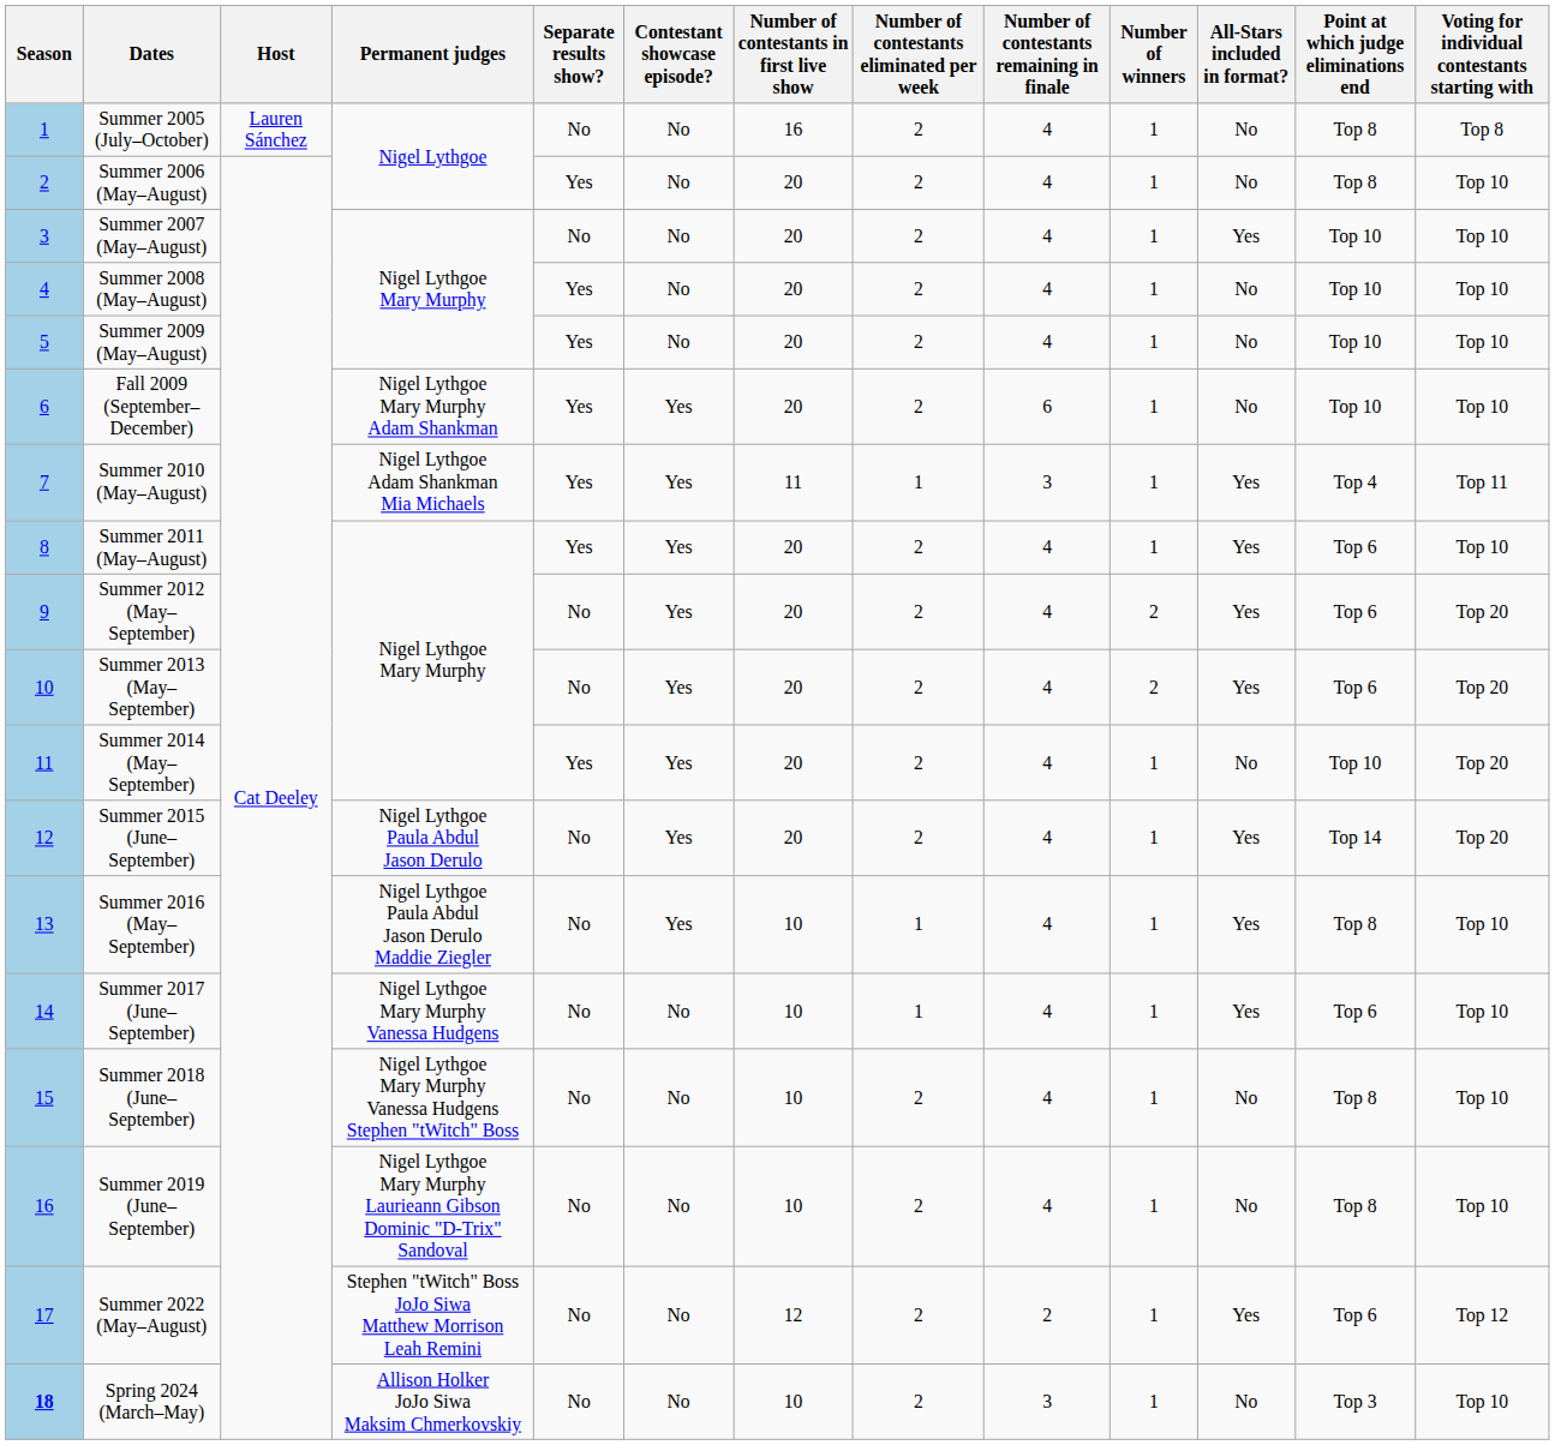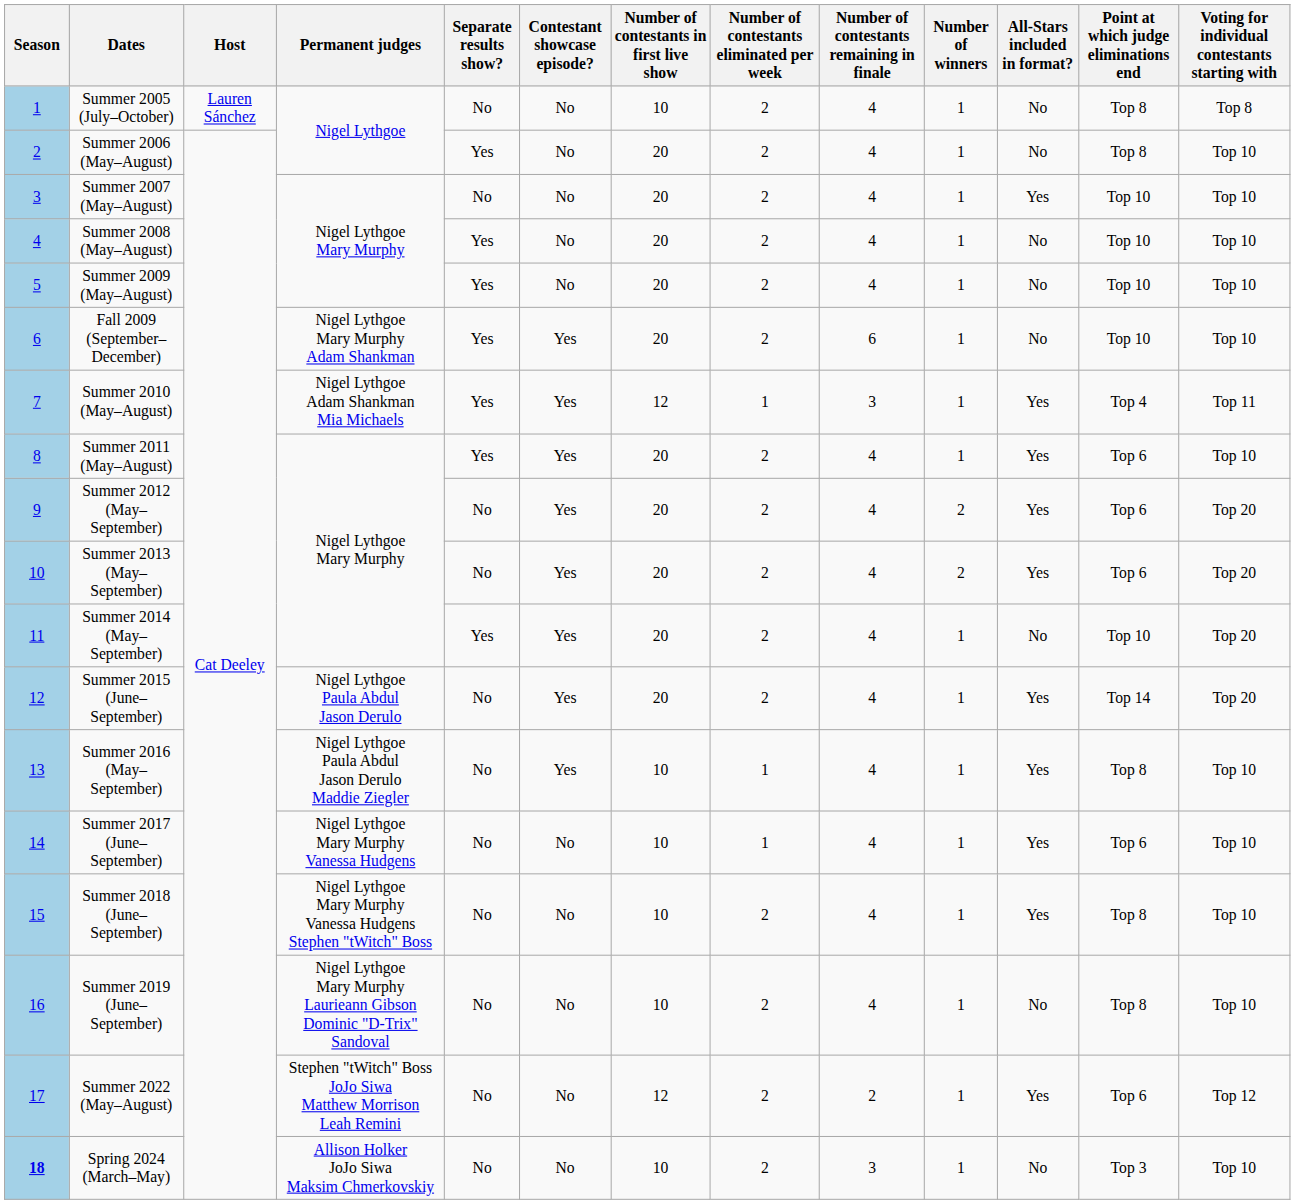 <table class="wikitable border-collapse:collapse;" style="text-align:center; font-size:95%;">
 <tr style="background:#ccc;">
 <th scope="col" style="width:75px;">Season</th>
 <th scope="col" style="width:150px;">Dates</th>
 <th scope="col" style="width:140px;">Host</th>
 <th scope="col" style="width:275px;">Permanent judges</th>
 <th scope="col" style="width:80px;">Separate results show?</th>
 <th scope="col" style="width:100px;">Contestant showcase episode?</th>
 <th scope="col" style="width:120px;">Number of contestants in first live show</th>
 <th scope="col" style="width:145px;">Number of contestants eliminated per week</th>
 <th scope="col" style="width:135px;">Number of contestants remaining in finale</th>
 <th scope="col" style="width:80px;">Number of winners</th>
 <th scope="col" style="width:100px;">All-Stars included <br>in format?</th>
 <th scope="col" style="width:110px;">Point at which judge eliminations end</th>
 <th scope="col" style="width:150px;">Voting for individual contestants starting with</th>
 </tr>
 <tr>
 <td style="background:#A3D1E7;"><a href='#'>1</a></td>
 <td>Summer 2005 <br> (July–October)</td>
 <td><a href='#'>Lauren Sánchez</a></td>
 <td rowspan=2><a href='#'>Nigel Lythgoe</a></td>
 <td>No</td>
 <td>No</td>
-<td>16</td>
+<td>10</td>
 <td>2</td>
 <td>4</td>
 <td>1</td>
 <td>No</td>
 <td>Top 8</td>
 <td>Top 8</td>
 </tr>
 <tr>
 <td style="background:#A3D1E7;"><a href='#'>2</a></td>
 <td>Summer 2006 <br> (May–August)</td>
 <td rowspan=17><a href='#'>Cat Deeley</a></td>
 <td>Yes</td>
 <td>No</td>
 <td>20</td>
 <td>2</td>
 <td>4</td>
 <td>1</td>
 <td>No</td>
 <td>Top 8</td>
 <td>Top 10</td>
 </tr>
 <tr>
 <td style="background:#A3D1E7;"><a href='#'>3</a></td>
 <td>Summer 2007 <br> (May–August)</td>
 <td rowspan=3>Nigel Lythgoe <br> <a href='#'>Mary Murphy</a></td>
 <td>No</td>
 <td>No</td>
 <td>20</td>
 <td>2</td>
 <td>4</td>
 <td>1</td>
 <td>Yes</td>
 <td>Top 10</td>
 <td>Top 10</td>
 </tr>
 <tr>
 <td style="background:#A3D1E7;"><a href='#'>4</a></td>
 <td>Summer 2008 <br> (May–August)</td>
 <td>Yes</td>
 <td>No</td>
 <td>20</td>
 <td>2</td>
 <td>4</td>
 <td>1</td>
 <td>No</td>
 <td>Top 10</td>
 <td>Top 10</td>
 </tr>
 <tr>
 <td style="background:#A3D1E7;"><a href='#'>5</a></td>
 <td>Summer 2009 <br> (May–August)</td>
 <td>Yes</td>
 <td>No</td>
 <td>20</td>
 <td>2</td>
 <td>4</td>
 <td>1</td>
 <td>No</td>
 <td>Top 10</td>
 <td>Top 10</td>
 </tr>
 <tr>
 <td style="background:#A3D1E7;"><a href='#'>6</a></td>
 <td>Fall 2009 <br> (September–December)</td>
 <td>Nigel Lythgoe <br> Mary Murphy <br> <a href='#'>Adam Shankman</a></td>
 <td>Yes</td>
 <td>Yes</td>
 <td>20</td>
 <td>2</td>
 <td>6</td>
 <td>1</td>
 <td>No</td>
 <td>Top 10</td>
 <td>Top 10</td>
 </tr>
 <tr>
 <td style="background:#A3D1E7;"><a href='#'>7</a></td>
 <td>Summer 2010 <br> (May–August)</td>
 <td>Nigel Lythgoe <br> Adam Shankman <br> <a href='#'>Mia Michaels</a></td>
 <td>Yes</td>
 <td>Yes</td>
-<td>11</td>
+<td>12</td>
 <td>1</td>
 <td>3</td>
 <td>1</td>
 <td>Yes</td>
 <td>Top 4</td>
 <td>Top 11</td>
 </tr>
 <tr>
 <td style="background:#A3D1E7;"><a href='#'>8</a></td>
 <td>Summer 2011 <br> (May–August)</td>
 <td rowspan=4>Nigel Lythgoe <br> Mary Murphy</td>
 <td>Yes</td>
 <td>Yes</td>
 <td>20</td>
 <td>2</td>
 <td>4</td>
 <td>1</td>
 <td>Yes</td>
 <td>Top 6</td>
 <td>Top 10</td>
 </tr>
 <tr>
 <td style="background:#A3D1E7;"><a href='#'>9</a></td>
 <td>Summer 2012 <br> (May–September)</td>
 <td>No</td>
 <td>Yes</td>
 <td>20</td>
 <td>2</td>
 <td>4</td>
 <td>2</td>
 <td>Yes</td>
 <td>Top 6</td>
 <td>Top 20</td>
 </tr>
 <tr>
 <td style="background:#A3D1E7;"><a href='#'>10</a></td>
 <td>Summer 2013 <br> (May–September)</td>
 <td>No</td>
 <td>Yes</td>
 <td>20</td>
 <td>2</td>
 <td>4</td>
 <td>2</td>
 <td>Yes</td>
 <td>Top 6</td>
 <td>Top 20</td>
 </tr>
 <tr>
 <td style="background:#A3D1E7;"><a href='#'>11</a></td>
 <td>Summer 2014 <br> (May–September)</td>
 <td>Yes</td>
 <td>Yes</td>
 <td>20</td>
 <td>2</td>
 <td>4</td>
 <td>1</td>
 <td>No</td>
 <td>Top 10</td>
 <td>Top 20</td>
 </tr>
 <tr>
 <td style="background:#A3D1E7;"><a href='#'>12</a></td>
 <td>Summer 2015 <br> (June–September)</td>
 <td>Nigel Lythgoe <br> <a href='#'>Paula Abdul</a> <br> <a href='#'>Jason Derulo</a></td>
 <td>No</td>
 <td>Yes</td>
 <td>20</td>
 <td>2</td>
 <td>4</td>
 <td>1</td>
 <td>Yes</td>
 <td>Top 14</td>
 <td>Top 20</td>
 </tr>
 <tr>
 <td style="background:#A3D1E7;"><a href='#'>13</a></td>
 <td>Summer 2016 <br> (May–September)</td>
 <td>Nigel Lythgoe <br> Paula Abdul <br> Jason Derulo <br> <a href='#'>Maddie Ziegler</a></td>
 <td>No</td>
 <td>Yes</td>
 <td>10</td>
 <td>1</td>
 <td>4</td>
 <td>1</td>
 <td>Yes</td>
 <td>Top 8</td>
 <td>Top 10</td>
 </tr>
 <tr>
 <td style="background:#A3D1E7;"><a href='#'>14</a></td>
 <td>Summer 2017 <br> (June–September)</td>
 <td>Nigel Lythgoe <br> Mary Murphy <br> <a href='#'>Vanessa Hudgens</a></td>
 <td>No</td>
 <td>No</td>
 <td>10</td>
 <td>1</td>
 <td>4</td>
 <td>1</td>
 <td>Yes</td>
 <td>Top 6</td>
 <td>Top 10</td>
 </tr>
 <tr>
 <td style="background:#A3D1E7;"><a href='#'>15</a></td>
 <td>Summer 2018 <br> (June–September)</td>
 <td>Nigel Lythgoe <br> Mary Murphy <br> Vanessa Hudgens <br> <a href='#'>Stephen "tWitch" Boss</a></td>
 <td>No</td>
 <td>No</td>
 <td>10</td>
 <td>2</td>
 <td>4</td>
 <td>1</td>
-<td>No</td>
+<td>Yes</td>
 <td>Top 8</td>
 <td>Top 10</td>
 </tr>
 <tr>
 <td style="background:#A3D1E7;"><a href='#'>16</a></td>
 <td>Summer 2019 <br> (June–September)</td>
 <td>Nigel Lythgoe <br> Mary Murphy <br> <a href='#'>Laurieann Gibson</a> <br> <a href='#'>Dominic "D-Trix" Sandoval</a></td>
 <td>No</td>
 <td>No</td>
 <td>10</td>
 <td>2</td>
 <td>4</td>
 <td>1</td>
 <td>No</td>
 <td>Top 8</td>
 <td>Top 10</td>
 </tr>
 <tr>
 <td style="background:#A3D1E7;"><a href='#'>17</a></td>
 <td>Summer 2022 <br> (May–August)</td>
 <td>Stephen "tWitch" Boss <br> <a href='#'>JoJo Siwa</a> <br> <a href='#'>Matthew Morrison</a> <br> <a href='#'>Leah Remini</a></td>
 <td>No</td>
 <td>No</td>
 <td>12</td>
 <td>2</td>
 <td>2</td>
 <td>1</td>
 <td>Yes</td>
 <td>Top 6</td>
 <td>Top 12</td>
 </tr>
 <tr>
 <td style="background:#A3D1E7;"><strong><a href='#'>18</a></strong></td>
 <td>Spring 2024 <br> (March–May)</td>
 <td><a href='#'>Allison Holker</a> <br> JoJo Siwa <br> <a href='#'>Maksim Chmerkovskiy</a></td>
 <td>No</td>
 <td>No</td>
 <td>10</td>
 <td>2</td>
 <td>3</td>
 <td>1</td>
 <td>No</td>
 <td>Top 3</td>
 <td>Top 10</td>
 </tr>
 </table>
